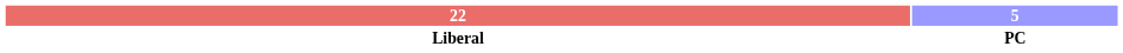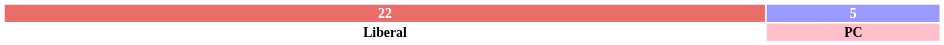 <table style="width:55%; text-align:center;">
 <tr style="color:white;">
 <td style="background:#EA6D6A; width:81.48%;"><strong>22</strong></td>
 <td style="background:#9999FF;  width:18.51%;"><strong>5</strong></td>
 </tr>
 <tr>
 <td><span><strong>Liberal</strong></span></td>
-<td><span><strong>PC</strong></span></td>
+<td style="background: pink;"><span><strong>PC</strong></span></td>
 </tr>
 </table>
